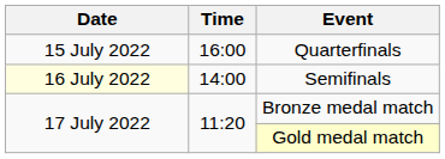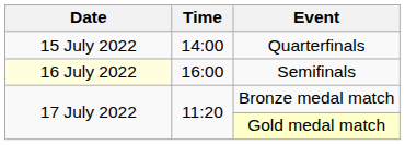 <table class = "wikitable" style="text-align:center;">
 <tr>
 <th width=150>Date</th>
 <th width=50>Time</th>
 <th width=150>Event</th>
 </tr>
 <tr>
 <td>15 July 2022</td>
-<td>16:00</td>
+<td>14:00</td>
 <td>Quarterfinals</td>
 </tr>
 <tr>
 <td style="background: lightyellow;">16 July 2022</td>
-<td>14:00</td>
+<td>16:00</td>
 <td>Semifinals</td>
 </tr>
 <tr>
 <td rowspan=2>17 July 2022</td>
 <td rowspan=2>11:20</td>
 <td>Bronze medal match</td>
 </tr>
 <tr>
 <td bgcolor=ffffcc>Gold medal match</td>
 </tr>
 </table>
